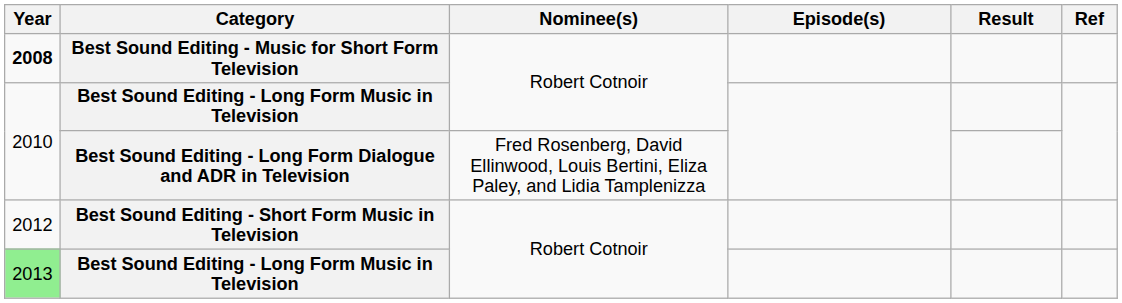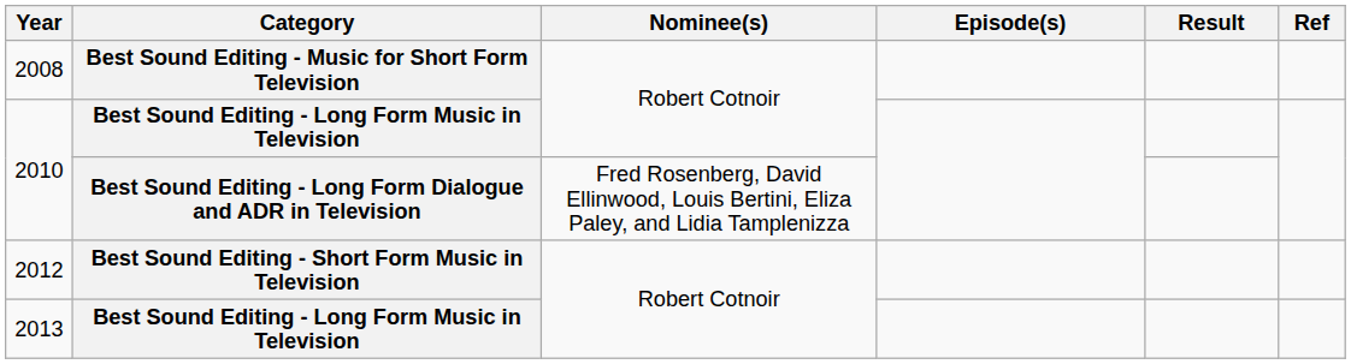 <table class="wikitable plainrowheaders" style="font-size: 90%; text-align:center" width=100%>
 <tr>
 <th scope="col" width="5%">Year</th>
 <th scope="col" width="35%">Category</th>
 <th scope="col" width="25%">Nominee(s)</th>
 <th scope="col" width="20%">Episode(s)</th>
 <th scope="col" width="10%">Result</th>
 <th scope="col" width="5%">Ref</th>
 </tr>
 <tr>
-<td><strong>2008</strong></td>
+<td>2008</td>
 <th scope="row" style="text-align:center">Best Sound Editing - Music for Short Form Television</th>
 <td rowspan="2">Robert Cotnoir</td>
 <td></td>
 <td></td>
 <td></td>
 </tr>
 <tr>
 <td rowspan="2">2010</td>
 <th scope="row" style="text-align:center">Best Sound Editing - Long Form Music in Television</th>
 <td rowspan="2"></td>
 <td></td>
 <td rowspan="2"></td>
 </tr>
 <tr>
 <th scope="row" style="text-align:center">Best Sound Editing - Long Form Dialogue and ADR in Television</th>
 <td>Fred Rosenberg, David Ellinwood, Louis Bertini, Eliza Paley, and Lidia Tamplenizza</td>
 <td></td>
 </tr>
 <tr>
 <td>2012</td>
 <th scope="row" style="text-align:center">Best Sound Editing - Short Form Music in Television</th>
 <td rowspan="2">Robert Cotnoir</td>
 <td></td>
 <td></td>
 <td></td>
 </tr>
 <tr>
-<td style="background: lightgreen;">2013</td>
+<td>2013</td>
 <th scope="row" style="text-align:center">Best Sound Editing - Long Form Music in Television</th>
 <td></td>
 <td></td>
 <td></td>
 </tr>
 </table>
